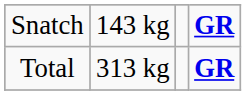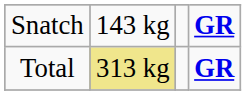 <table class = "wikitable" style="text-align:center;">
 <tr>
 <td>Snatch</td>
 <td>143 kg</td>
 <td align=left></td>
 <td><strong><a href='#'>GR</a></strong></td>
 </tr>
 <tr>
 <td>Total</td>
-<td>313 kg</td>
+<td style="background: khaki;">313 kg</td>
 <td align=left></td>
 <td><strong><a href='#'>GR</a></strong></td>
 </tr>
 </table>
